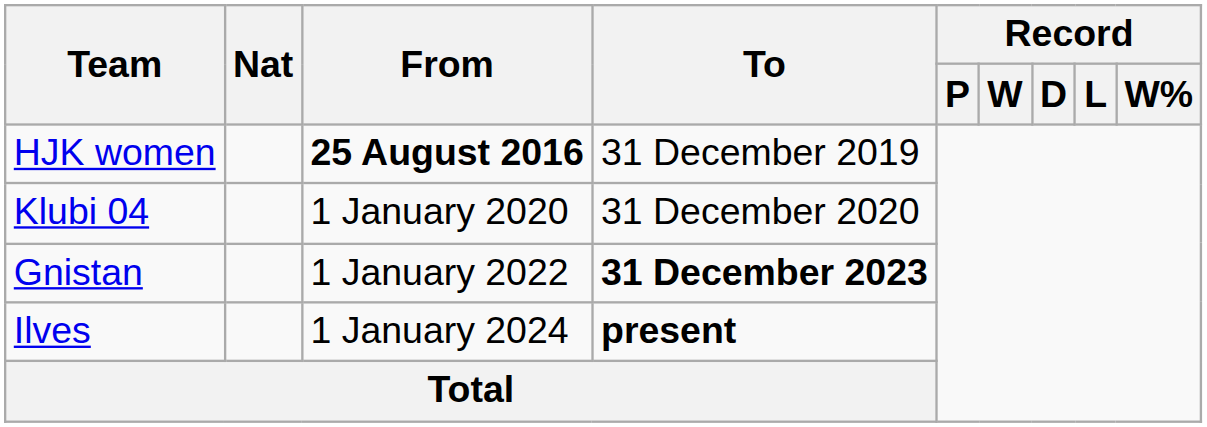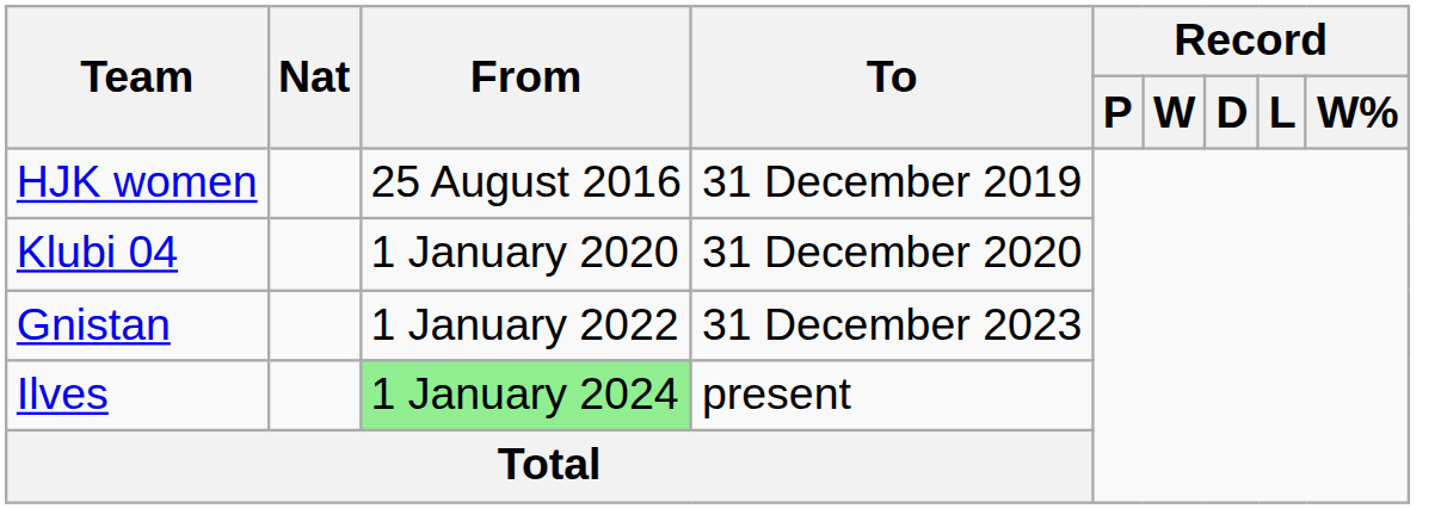 <table class="wikitable" style="text-align:center">
 <tr>
 <th rowspan="2">Team</th>
 <th rowspan="2">Nat</th>
 <th rowspan="2">From</th>
 <th rowspan="2">To</th>
 <th colspan="8">Record</th>
 </tr>
 <tr>
 <th>P</th>
 <th>W</th>
 <th>D</th>
 <th>L</th>
 <th>W%</th>
 </tr>
 <tr>
 <td align=left><a href='#'>HJK women</a></td>
 <td></td>
-<td align=left><strong>25 August 2016</strong></td>
+<td align=left>25 August 2016</td>
 <td align=left>31 December 2019<br></td>
 </tr>
 <tr>
 <td align=left><a href='#'>Klubi 04</a></td>
 <td></td>
 <td align=left>1 January 2020</td>
 <td align=left>31 December 2020<br></td>
 </tr>
 <tr>
 <td align=left><a href='#'>Gnistan</a></td>
 <td></td>
 <td align=left>1 January 2022</td>
-<td align=left><strong>31 December 2023<br></strong></td>
+<td align=left>31 December 2023<br></td>
 </tr>
 <tr>
 <td align=left><a href='#'>Ilves</a></td>
 <td></td>
-<td align=left>1 January 2024</td>
-<td align=left><strong>present<br></strong></td>
+<td align=left style="background: lightgreen;">1 January 2024</td>
+<td align=left>present<br></td>
 </tr>
 <tr>
 <th colspan="4">Total<br></th>
 </tr>
 </table>
